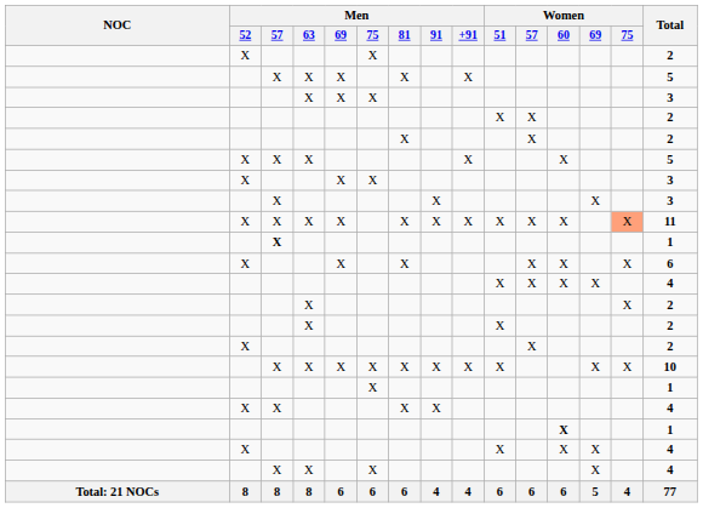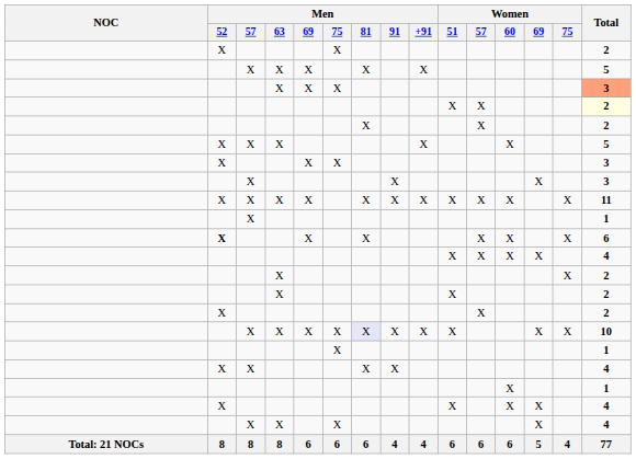 <table class="wikitable" style="text-align:center; font-size:90%">
 <tr>
 <th rowspan=2 width=250>NOC</th>
 <th colspan=8>Men</th>
 <th colspan=5>Women</th>
 <th rowspan=2 width=55>Total</th>
 </tr>
 <tr style="font-size: 95%">
 <th width=30><a href='#'>52</a></th>
 <th width=30><a href='#'>57</a></th>
 <th width=30><a href='#'>63</a></th>
 <th width=30><a href='#'>69</a></th>
 <th width=30><a href='#'>75</a></th>
 <th width=30><a href='#'>81</a></th>
 <th width=30><a href='#'>91</a></th>
 <th width=30><a href='#'>+91</a></th>
 <th width=30><a href='#'>51</a></th>
 <th width=30><a href='#'>57</a></th>
 <th width=30><a href='#'>60</a></th>
 <th width=30><a href='#'>69</a></th>
 <th width=30><a href='#'>75</a></th>
 </tr>
 <tr>
 <td align=left></td>
 <td>X</td>
 <td></td>
 <td></td>
 <td></td>
 <td>X</td>
 <td></td>
 <td></td>
 <td></td>
 <td></td>
 <td></td>
 <td></td>
 <td></td>
 <td></td>
 <td><strong>2</strong></td>
 </tr>
 <tr>
 <td align=left></td>
 <td></td>
 <td>X</td>
 <td>X</td>
 <td>X</td>
 <td></td>
 <td>X</td>
 <td></td>
 <td>X</td>
 <td></td>
 <td></td>
 <td></td>
 <td></td>
 <td></td>
 <td><strong>5</strong></td>
 </tr>
 <tr>
 <td align=left></td>
 <td></td>
 <td></td>
 <td>X</td>
 <td>X</td>
 <td>X</td>
 <td></td>
 <td></td>
 <td></td>
 <td></td>
 <td></td>
 <td></td>
 <td></td>
 <td></td>
-<td><strong>3</strong></td>
+<td style="background: lightsalmon;"><strong>3</strong></td>
 </tr>
 <tr>
 <td align=left></td>
 <td></td>
 <td></td>
 <td></td>
 <td></td>
 <td></td>
 <td></td>
 <td></td>
 <td></td>
 <td>X</td>
 <td>X</td>
 <td></td>
 <td></td>
 <td></td>
-<td><strong>2</strong></td>
+<td style="background: lightyellow;"><strong>2</strong></td>
 </tr>
 <tr>
 <td align=left></td>
 <td></td>
 <td></td>
 <td></td>
 <td></td>
 <td></td>
 <td>X</td>
 <td></td>
 <td></td>
 <td></td>
 <td>X</td>
 <td></td>
 <td></td>
 <td></td>
 <td><strong>2</strong></td>
 </tr>
 <tr>
 <td align=left></td>
 <td>X</td>
 <td>X</td>
 <td>X</td>
 <td></td>
 <td></td>
 <td></td>
 <td></td>
 <td>X</td>
 <td></td>
 <td></td>
 <td>X</td>
 <td></td>
 <td></td>
 <td><strong>5</strong></td>
 </tr>
 <tr>
 <td align=left></td>
 <td>X</td>
 <td></td>
 <td></td>
 <td>X</td>
 <td>X</td>
 <td></td>
 <td></td>
 <td></td>
 <td></td>
 <td></td>
 <td></td>
 <td></td>
 <td></td>
 <td><strong>3</strong></td>
 </tr>
 <tr>
 <td align=left></td>
 <td></td>
 <td>X</td>
 <td></td>
 <td></td>
 <td></td>
 <td></td>
 <td>X</td>
 <td></td>
 <td></td>
 <td></td>
 <td></td>
 <td>X</td>
 <td></td>
 <td><strong>3</strong></td>
 </tr>
 <tr>
 <td align=left></td>
 <td>X</td>
 <td>X</td>
 <td>X</td>
 <td>X</td>
 <td></td>
 <td>X</td>
 <td>X</td>
 <td>X</td>
 <td>X</td>
 <td>X</td>
 <td>X</td>
 <td></td>
-<td style="background: lightsalmon;">X</td>
+<td>X</td>
 <td><strong>11</strong></td>
 </tr>
 <tr>
 <td align=left></td>
 <td></td>
-<td><strong>X</strong></td>
+<td>X</td>
 <td></td>
 <td></td>
 <td></td>
 <td></td>
 <td></td>
 <td></td>
 <td></td>
 <td></td>
 <td></td>
 <td></td>
 <td></td>
 <td><strong>1</strong></td>
 </tr>
 <tr>
 <td align=left></td>
-<td>X</td>
+<td><strong>X</strong></td>
 <td></td>
 <td></td>
 <td>X</td>
 <td></td>
 <td>X</td>
 <td></td>
 <td></td>
 <td></td>
 <td>X</td>
 <td>X</td>
 <td></td>
 <td>X</td>
 <td><strong>6</strong></td>
 </tr>
 <tr>
 <td align=left></td>
 <td></td>
 <td></td>
 <td></td>
 <td></td>
 <td></td>
 <td></td>
 <td></td>
 <td></td>
 <td>X</td>
 <td>X</td>
 <td>X</td>
 <td>X</td>
 <td></td>
 <td><strong>4</strong></td>
 </tr>
 <tr>
 <td align=left></td>
 <td></td>
 <td></td>
 <td>X</td>
 <td></td>
 <td></td>
 <td></td>
 <td></td>
 <td></td>
 <td></td>
 <td></td>
 <td></td>
 <td></td>
 <td>X</td>
 <td><strong>2</strong></td>
 </tr>
 <tr>
 <td align=left></td>
 <td></td>
 <td></td>
 <td>X</td>
 <td></td>
 <td></td>
 <td></td>
 <td></td>
 <td></td>
 <td>X</td>
 <td></td>
 <td></td>
 <td></td>
 <td></td>
 <td><strong>2</strong></td>
 </tr>
 <tr>
 <td align=left></td>
 <td>X</td>
 <td></td>
 <td></td>
 <td></td>
 <td></td>
 <td></td>
 <td></td>
 <td></td>
 <td></td>
 <td>X</td>
 <td></td>
 <td></td>
 <td></td>
 <td><strong>2</strong></td>
 </tr>
 <tr>
 <td align=left></td>
 <td></td>
 <td>X</td>
 <td>X</td>
 <td>X</td>
 <td>X</td>
-<td>X</td>
+<td style="background: lavender;">X</td>
 <td>X</td>
 <td>X</td>
 <td>X</td>
 <td></td>
 <td></td>
 <td>X</td>
 <td>X</td>
 <td><strong>10</strong></td>
 </tr>
 <tr>
 <td align=left></td>
 <td></td>
 <td></td>
 <td></td>
 <td></td>
 <td>X</td>
 <td></td>
 <td></td>
 <td></td>
 <td></td>
 <td></td>
 <td></td>
 <td></td>
 <td></td>
 <td><strong>1</strong></td>
 </tr>
 <tr>
 <td align=left></td>
 <td>X</td>
 <td>X</td>
 <td></td>
 <td></td>
 <td></td>
 <td>X</td>
 <td>X</td>
 <td></td>
 <td></td>
 <td></td>
 <td></td>
 <td></td>
 <td></td>
 <td><strong>4</strong></td>
 </tr>
 <tr>
 <td align=left></td>
 <td></td>
 <td></td>
 <td></td>
 <td></td>
 <td></td>
 <td></td>
 <td></td>
 <td></td>
 <td></td>
 <td></td>
-<td><strong>X</strong></td>
+<td>X</td>
 <td></td>
 <td></td>
 <td><strong>1</strong></td>
 </tr>
 <tr>
 <td align=left></td>
 <td>X</td>
 <td></td>
 <td></td>
 <td></td>
 <td></td>
 <td></td>
 <td></td>
 <td></td>
 <td>X</td>
 <td></td>
 <td>X</td>
 <td>X</td>
 <td></td>
 <td><strong>4</strong></td>
 </tr>
 <tr>
 <td align=left></td>
 <td></td>
 <td>X</td>
 <td>X</td>
 <td></td>
 <td>X</td>
 <td></td>
 <td></td>
 <td></td>
 <td></td>
 <td></td>
 <td></td>
 <td>X</td>
 <td></td>
 <td><strong>4</strong></td>
 </tr>
 <tr>
 <th>Total: 21 NOCs</th>
 <th>8</th>
 <th>8</th>
 <th>8</th>
 <th>6</th>
 <th>6</th>
 <th>6</th>
 <th>4</th>
 <th>4</th>
 <th>6</th>
 <th>6</th>
 <th>6</th>
 <th>5</th>
 <th>4</th>
 <th>77</th>
 </tr>
 </table>
